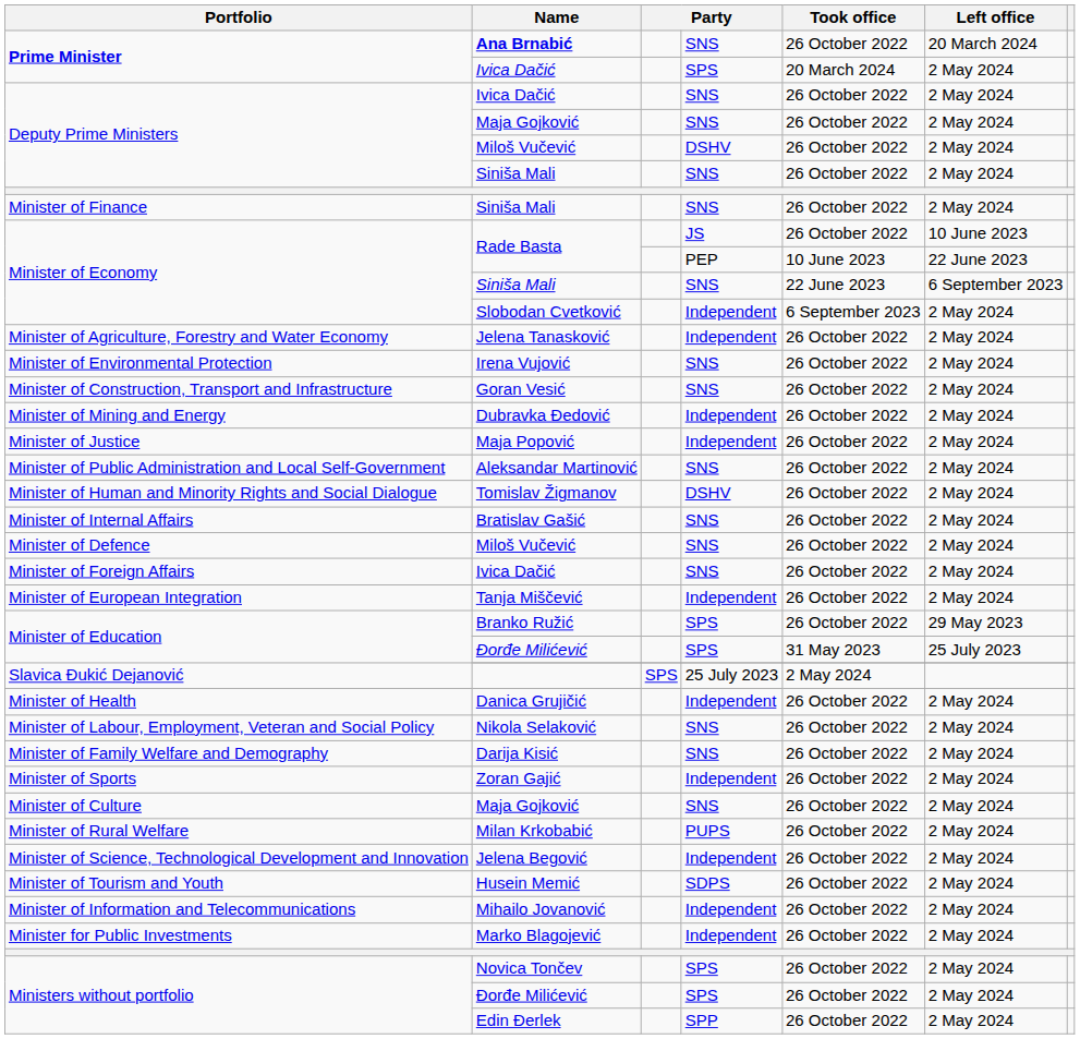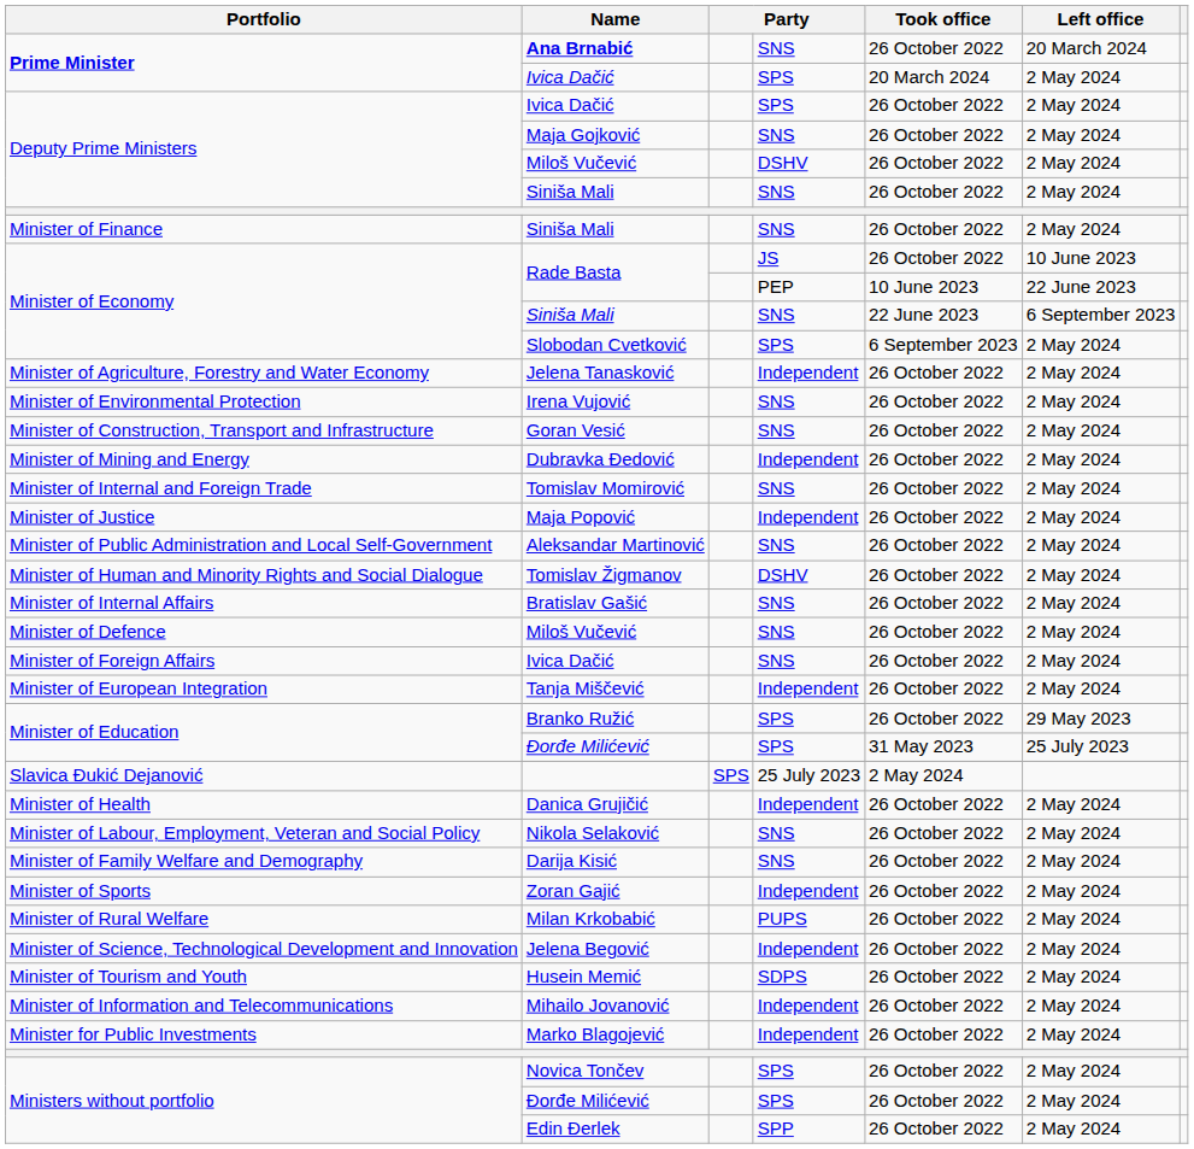 <table class="wikitable">
 <tr>
 <th>Portfolio</th>
 <th>Name</th>
 <th colspan="2">Party</th>
 <th>Took office</th>
 <th>Left office</th>
 <th></th>
 </tr>
 <tr>
 <td rowspan="2"><strong><a href='#'>Prime Minister</a></strong></td>
 <td><strong><a href='#'>Ana Brnabić</a></strong></td>
 <td style="background-color:"></td>
 <td><a href='#'>SNS</a></td>
 <td>26 October 2022</td>
 <td>20 March 2024</td>
 <td></td>
 </tr>
 <tr>
 <td><em><a href='#'>Ivica Dačić</a></em></td>
 <td style="background-color:"></td>
 <td><a href='#'>SPS</a></td>
 <td>20 March 2024</td>
 <td>2 May 2024</td>
 <td></td>
 </tr>
 <tr>
 <td rowspan="4"><a href='#'>Deputy Prime Ministers</a></td>
 <td><a href='#'>Ivica Dačić</a></td>
 <td style="background-color:"></td>
-<td><a href='#'>SNS</a></td>
+<td><a href='#'>SPS</a></td>
 <td>26 October 2022</td>
 <td>2 May 2024</td>
 <td></td>
 </tr>
 <tr>
 <td><a href='#'>Maja Gojković</a></td>
 <td style="background-color:"></td>
 <td><a href='#'>SNS</a></td>
 <td>26 October 2022</td>
 <td>2 May 2024</td>
 <td></td>
 </tr>
 <tr>
 <td><a href='#'>Miloš Vučević</a></td>
 <td style="background-color:"></td>
 <td><a href='#'>DSHV</a></td>
 <td>26 October 2022</td>
 <td>2 May 2024</td>
 <td></td>
 </tr>
 <tr>
 <td><a href='#'>Siniša Mali</a></td>
 <td style="background-color:"></td>
 <td><a href='#'>SNS</a></td>
 <td>26 October 2022</td>
 <td>2 May 2024</td>
 <td></td>
 </tr>
 <tr>
 <th colspan="7"></th>
 </tr>
 <tr>
 <td><a href='#'>Minister of Finance</a></td>
 <td><a href='#'>Siniša Mali</a></td>
 <td style="background-color:"></td>
 <td><a href='#'>SNS</a></td>
 <td>26 October 2022</td>
 <td>2 May 2024</td>
 <td></td>
 </tr>
 <tr>
 <td rowspan="4"><a href='#'>Minister of Economy</a></td>
 <td rowspan="2"><a href='#'>Rade Basta</a></td>
 <td style="background-color:"></td>
 <td><a href='#'>JS</a></td>
 <td>26 October 2022</td>
 <td>10 June 2023</td>
 <td></td>
 </tr>
 <tr>
 <td style="background-color:"></td>
 <td>PEP</td>
 <td>10 June 2023</td>
 <td>22 June 2023</td>
 <td></td>
 </tr>
 <tr>
 <td><em><a href='#'>Siniša Mali</a></em></td>
 <td style="background-color:"></td>
 <td><a href='#'>SNS</a></td>
 <td>22 June 2023</td>
 <td>6 September 2023</td>
 <td></td>
 </tr>
 <tr>
 <td><a href='#'>Slobodan Cvetković</a></td>
 <td style="background-color:"></td>
-<td><a href='#'>Independent</a></td>
+<td><a href='#'>SPS</a></td>
 <td>6 September 2023</td>
 <td>2 May 2024</td>
 <td></td>
 </tr>
 <tr>
 <td><a href='#'>Minister of Agriculture, Forestry and Water Economy</a></td>
 <td><a href='#'>Jelena Tanasković</a></td>
 <td style="background-color:"></td>
 <td><a href='#'>Independent</a></td>
 <td>26 October 2022</td>
 <td>2 May 2024</td>
 <td></td>
 </tr>
 <tr>
 <td><a href='#'>Minister of Environmental Protection</a></td>
 <td><a href='#'>Irena Vujović</a></td>
 <td style="background-color:"></td>
 <td><a href='#'>SNS</a></td>
 <td>26 October 2022</td>
 <td>2 May 2024</td>
 <td></td>
 </tr>
 <tr>
 <td><a href='#'>Minister of Construction, Transport and Infrastructure</a></td>
 <td><a href='#'>Goran Vesić</a></td>
 <td style="background-color:"></td>
 <td><a href='#'>SNS</a></td>
 <td>26 October 2022</td>
 <td>2 May 2024</td>
 <td></td>
 </tr>
 <tr>
 <td><a href='#'>Minister of Mining and Energy</a></td>
 <td><a href='#'>Dubravka Đedović</a></td>
 <td style="background-color:"></td>
 <td><a href='#'>Independent</a></td>
+<td>26 October 2022</td>
+<td>2 May 2024</td>
+<td></td>
+</tr>
+<tr>
+<td><a href='#'>Minister of Internal and Foreign Trade</a></td>
+<td><a href='#'>Tomislav Momirović</a></td>
+<td style="background-color:"></td>
+<td><a href='#'>SNS</a></td>
 <td>26 October 2022</td>
 <td>2 May 2024</td>
 <td></td>
 </tr>
 <tr>
 <td><a href='#'>Minister of Justice</a></td>
 <td><a href='#'>Maja Popović</a></td>
 <td style="background-color:"></td>
 <td><a href='#'>Independent</a></td>
 <td>26 October 2022</td>
 <td>2 May 2024</td>
 <td></td>
 </tr>
 <tr>
 <td><a href='#'>Minister of Public Administration and Local Self-Government</a></td>
 <td><a href='#'>Aleksandar Martinović</a></td>
 <td style="background-color:"></td>
 <td><a href='#'>SNS</a></td>
 <td>26 October 2022</td>
 <td>2 May 2024</td>
 <td></td>
 </tr>
 <tr>
 <td><a href='#'>Minister of Human and Minority Rights and Social Dialogue</a></td>
 <td><a href='#'>Tomislav Žigmanov</a></td>
 <td style="background-color:"></td>
 <td><a href='#'>DSHV</a></td>
 <td>26 October 2022</td>
 <td>2 May 2024</td>
 <td></td>
 </tr>
 <tr>
 <td><a href='#'>Minister of Internal Affairs</a></td>
 <td><a href='#'>Bratislav Gašić</a></td>
 <td style="background-color:"></td>
 <td><a href='#'>SNS</a></td>
 <td>26 October 2022</td>
 <td>2 May 2024</td>
 <td></td>
 </tr>
 <tr>
 <td><a href='#'>Minister of Defence</a></td>
 <td><a href='#'>Miloš Vučević</a></td>
 <td style="background-color:"></td>
 <td><a href='#'>SNS</a></td>
 <td>26 October 2022</td>
 <td>2 May 2024</td>
 <td></td>
 </tr>
 <tr>
 <td><a href='#'>Minister of Foreign Affairs</a></td>
 <td><a href='#'>Ivica Dačić</a></td>
 <td style="background-color:"></td>
 <td><a href='#'>SNS</a></td>
 <td>26 October 2022</td>
 <td>2 May 2024</td>
 <td></td>
 </tr>
 <tr>
 <td><a href='#'>Minister of European Integration</a></td>
 <td><a href='#'>Tanja Miščević</a></td>
 <td style="background-color:"></td>
 <td><a href='#'>Independent</a></td>
 <td>26 October 2022</td>
 <td>2 May 2024</td>
 <td></td>
 </tr>
 <tr>
 <td rowspan="3"><a href='#'>Minister of Education</a></td>
 <td><a href='#'>Branko Ružić</a></td>
 <td style="background-color:"></td>
 <td><a href='#'>SPS</a></td>
 <td>26 October 2022</td>
 <td>29 May 2023</td>
 <td></td>
 </tr>
 <tr>
 <td><em><a href='#'>Đorđe Milićević</a></em></td>
 <td style="background-color:"></td>
 <td><a href='#'>SPS</a></td>
 <td>31 May 2023</td>
 <td>25 July 2023</td>
 <td></td>
 </tr>
 <tr>
 </tr>
 <tr>
 <td><a href='#'>Slavica Đukić Dejanović</a></td>
 <td style="background-color:"></td>
 <td><a href='#'>SPS</a></td>
 <td>25 July 2023</td>
 <td>2 May 2024</td>
 <td></td>
 </tr>
 <tr>
 <td><a href='#'>Minister of Health</a></td>
 <td><a href='#'>Danica Grujičić</a></td>
 <td style="background-color:"></td>
 <td><a href='#'>Independent</a></td>
 <td>26 October 2022</td>
 <td>2 May 2024</td>
 <td></td>
 </tr>
 <tr>
 <td><a href='#'>Minister of Labour, Employment, Veteran and Social Policy</a></td>
 <td><a href='#'>Nikola Selaković</a></td>
 <td style="background-color:"></td>
 <td><a href='#'>SNS</a></td>
 <td>26 October 2022</td>
 <td>2 May 2024</td>
 <td></td>
 </tr>
 <tr>
 <td><a href='#'>Minister of Family Welfare and Demography</a></td>
 <td><a href='#'>Darija Kisić</a></td>
 <td style="background-color:"></td>
 <td><a href='#'>SNS</a></td>
 <td>26 October 2022</td>
 <td>2 May 2024</td>
 <td></td>
 </tr>
 <tr>
 <td><a href='#'>Minister of Sports</a></td>
 <td><a href='#'>Zoran Gajić</a></td>
 <td style="background-color:"></td>
 <td><a href='#'>Independent</a></td>
 <td>26 October 2022</td>
 <td>2 May 2024</td>
 <td></td>
 </tr>
 <tr>
-<td><a href='#'>Minister of Culture</a></td>
-<td><a href='#'>Maja Gojković</a></td>
-<td style="background-color:"></td>
-<td><a href='#'>SNS</a></td>
-<td>26 October 2022</td>
-<td>2 May 2024</td>
-<td></td>
-</tr>
-<tr>
 <td><a href='#'>Minister of Rural Welfare</a></td>
 <td><a href='#'>Milan Krkobabić</a></td>
 <td style="background-color:"></td>
 <td><a href='#'>PUPS</a></td>
 <td>26 October 2022</td>
 <td>2 May 2024</td>
 <td></td>
 </tr>
 <tr>
 <td><a href='#'>Minister of Science, Technological Development and Innovation</a></td>
 <td><a href='#'>Jelena Begović</a></td>
 <td style="background-color:"></td>
 <td><a href='#'>Independent</a></td>
 <td>26 October 2022</td>
 <td>2 May 2024</td>
 <td></td>
 </tr>
 <tr>
 <td><a href='#'>Minister of Tourism and Youth</a></td>
 <td><a href='#'>Husein Memić</a></td>
 <td style="background-color:"></td>
 <td><a href='#'>SDPS</a></td>
 <td>26 October 2022</td>
 <td>2 May 2024</td>
 <td></td>
 </tr>
 <tr>
 <td><a href='#'>Minister of Information and Telecommunications</a></td>
 <td><a href='#'>Mihailo Jovanović</a></td>
 <td style="background-color:"></td>
 <td><a href='#'>Independent</a></td>
 <td>26 October 2022</td>
 <td>2 May 2024</td>
 <td></td>
 </tr>
 <tr>
 <td><a href='#'>Minister for Public Investments</a></td>
 <td><a href='#'>Marko Blagojević</a></td>
 <td style="background-color:"></td>
 <td><a href='#'>Independent</a></td>
 <td>26 October 2022</td>
 <td>2 May 2024</td>
 <td></td>
 </tr>
 <tr>
 <th colspan="7"></th>
 </tr>
 <tr>
 <td rowspan="3"><a href='#'>Ministers without portfolio</a></td>
 <td><a href='#'>Novica Tončev</a></td>
 <td style="background-color:"></td>
 <td><a href='#'>SPS</a></td>
 <td>26 October 2022</td>
 <td>2 May 2024</td>
 <td></td>
 </tr>
 <tr>
 <td><a href='#'>Đorđe Milićević</a></td>
 <td style="background-color:"></td>
 <td><a href='#'>SPS</a></td>
 <td>26 October 2022</td>
 <td>2 May 2024</td>
 <td></td>
 </tr>
 <tr>
 <td><a href='#'>Edin Đerlek</a></td>
 <td style="background-color:"></td>
 <td><a href='#'>SPP</a></td>
 <td>26 October 2022</td>
 <td>2 May 2024</td>
 <td></td>
 </tr>
 </table>
